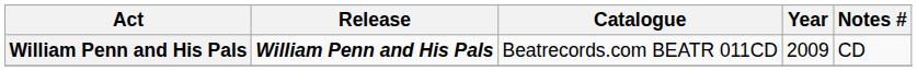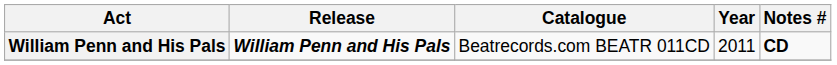 <table class="wikitable plainrowheaders sortable">
 <tr>
 <th scope="col" class="unsortable">Act</th>
 <th scope="col">Release</th>
 <th scope="col">Catalogue</th>
 <th scope="col">Year</th>
 <th scope="col" class="unsortable">Notes #</th>
 </tr>
 <tr>
 <th scope="row">William Penn and His Pals</th>
 <td><strong><em>William Penn and His Pals</em></strong></td>
 <td>Beatrecords.com BEATR 011CD</td>
-<td>2009</td>
-<td>CD</td>
+<td>2011</td>
+<td><strong>CD</strong></td>
 </tr>
 <tr>
 </tr>
 </table>
